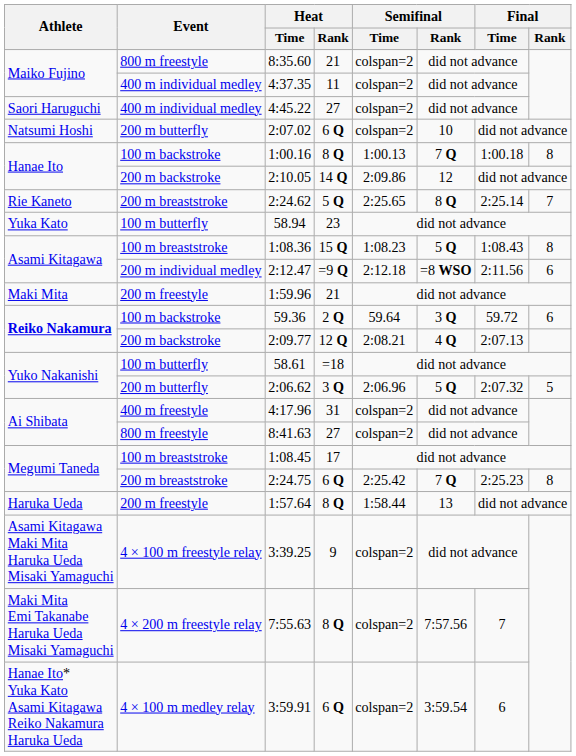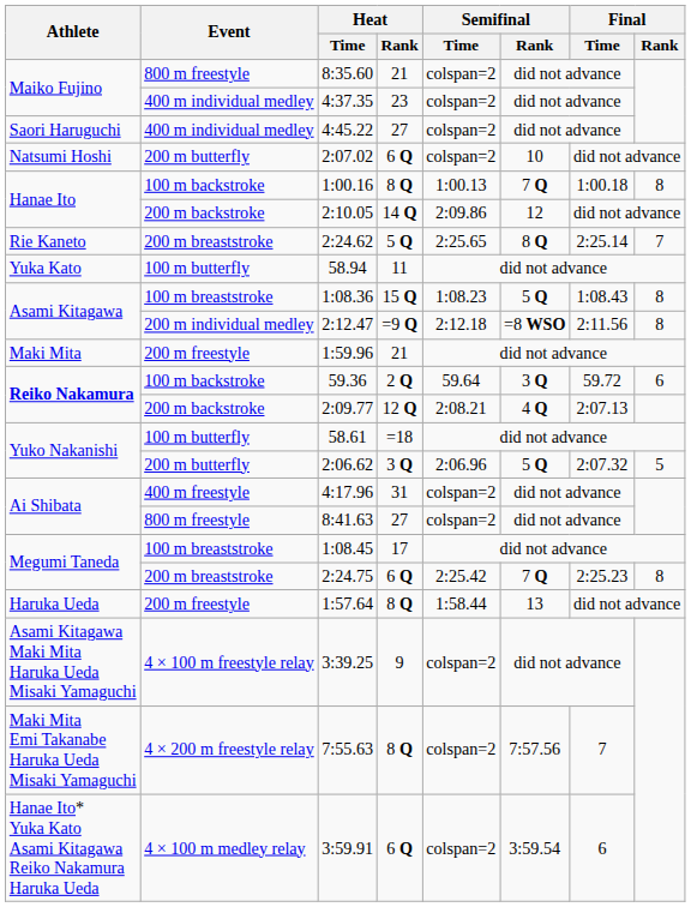 <table class=wikitable style="font-size:90%">
 <tr>
 <th rowspan="2">Athlete</th>
 <th rowspan="2">Event</th>
 <th colspan="2">Heat</th>
 <th colspan="2">Semifinal</th>
 <th colspan="2">Final</th>
 </tr>
 <tr style="font-size:95%">
 <th>Time</th>
 <th>Rank</th>
 <th>Time</th>
 <th>Rank</th>
 <th>Time</th>
 <th>Rank</th>
 </tr>
 <tr align=center>
 <td align=left rowspan=2><a href='#'>Maiko Fujino</a></td>
 <td align=left><a href='#'>800 m freestyle</a></td>
 <td>8:35.60</td>
 <td>21</td>
 <td>colspan=2 </td>
 <td colspan=2>did not advance</td>
 </tr>
 <tr align=center>
 <td align=left><a href='#'>400 m individual medley</a></td>
 <td>4:37.35</td>
-<td>11</td>
+<td>23</td>
 <td>colspan=2 </td>
 <td colspan=2>did not advance</td>
 </tr>
 <tr align=center>
 <td align=left><a href='#'>Saori Haruguchi</a></td>
 <td align=left><a href='#'>400 m individual medley</a></td>
 <td>4:45.22</td>
 <td>27</td>
 <td>colspan=2 </td>
 <td colspan=2>did not advance</td>
 </tr>
 <tr align=center>
 <td align=left><a href='#'>Natsumi Hoshi</a></td>
 <td align=left><a href='#'>200 m butterfly</a></td>
 <td>2:07.02</td>
 <td>6 <strong>Q</strong></td>
 <td>colspan=2 </td>
 <td>10</td>
 <td colspan=2>did not advance</td>
 </tr>
 <tr align=center>
 <td align=left rowspan=2><a href='#'>Hanae Ito</a></td>
 <td align=left><a href='#'>100 m backstroke</a></td>
 <td>1:00.16</td>
 <td>8 <strong>Q</strong></td>
 <td>1:00.13</td>
 <td>7 <strong>Q</strong></td>
 <td>1:00.18</td>
 <td>8</td>
 </tr>
 <tr align=center>
 <td align=left><a href='#'>200 m backstroke</a></td>
 <td>2:10.05</td>
 <td>14 <strong>Q</strong></td>
 <td>2:09.86</td>
 <td>12</td>
 <td colspan=2>did not advance</td>
 </tr>
 <tr align=center>
 <td align=left><a href='#'>Rie Kaneto</a></td>
 <td align=left><a href='#'>200 m breaststroke</a></td>
 <td>2:24.62</td>
 <td>5 <strong>Q</strong></td>
 <td>2:25.65</td>
 <td>8 <strong>Q</strong></td>
 <td>2:25.14</td>
 <td>7</td>
 </tr>
 <tr align=center>
 <td align=left><a href='#'>Yuka Kato</a></td>
 <td align=left><a href='#'>100 m butterfly</a></td>
 <td>58.94</td>
-<td>23</td>
+<td>11</td>
 <td colspan=4>did not advance</td>
 </tr>
 <tr align=center>
 <td align=left rowspan=2><a href='#'>Asami Kitagawa</a></td>
 <td align=left><a href='#'>100 m breaststroke</a></td>
 <td>1:08.36</td>
 <td>15 <strong>Q</strong></td>
 <td>1:08.23</td>
 <td>5 <strong>Q</strong></td>
 <td>1:08.43</td>
 <td>8</td>
 </tr>
 <tr align=center>
 <td align=left><a href='#'>200 m individual medley</a></td>
 <td>2:12.47</td>
 <td>=9 <strong>Q</strong></td>
 <td>2:12.18</td>
 <td>=8 <strong>WSO</strong></td>
 <td>2:11.56</td>
-<td>6</td>
+<td>8</td>
 </tr>
 <tr align=center>
 <td align=left><a href='#'>Maki Mita</a></td>
 <td align=left><a href='#'>200 m freestyle</a></td>
 <td>1:59.96</td>
 <td>21</td>
 <td colspan=4>did not advance</td>
 </tr>
 <tr align=center>
 <td align=left rowspan=2><strong><a href='#'>Reiko Nakamura</a></strong></td>
 <td align=left><a href='#'>100 m backstroke</a></td>
 <td>59.36</td>
 <td>2 <strong>Q</strong></td>
 <td>59.64</td>
 <td>3 <strong>Q</strong></td>
 <td>59.72</td>
 <td>6</td>
 </tr>
 <tr align=center>
 <td align=left><a href='#'>200 m backstroke</a></td>
 <td>2:09.77</td>
 <td>12 <strong>Q</strong></td>
 <td>2:08.21</td>
 <td>4 <strong>Q</strong></td>
 <td>2:07.13</td>
 <td></td>
 </tr>
 <tr align=center>
 <td align=left rowspan=2><a href='#'>Yuko Nakanishi</a></td>
 <td align=left><a href='#'>100 m butterfly</a></td>
 <td>58.61</td>
 <td>=18</td>
 <td colspan=4>did not advance</td>
 </tr>
 <tr align=center>
 <td align=left><a href='#'>200 m butterfly</a></td>
 <td>2:06.62</td>
 <td>3 <strong>Q</strong></td>
 <td>2:06.96</td>
 <td>5 <strong>Q</strong></td>
 <td>2:07.32</td>
 <td>5</td>
 </tr>
 <tr align=center>
 <td align=left rowspan=2><a href='#'>Ai Shibata</a></td>
 <td align=left><a href='#'>400 m freestyle</a></td>
 <td>4:17.96</td>
 <td>31</td>
 <td>colspan=2 </td>
 <td colspan=2>did not advance</td>
 </tr>
 <tr align=center>
 <td align=left><a href='#'>800 m freestyle</a></td>
 <td>8:41.63</td>
 <td>27</td>
 <td>colspan=2 </td>
 <td colspan=2>did not advance</td>
 </tr>
 <tr align=center>
 <td align=left rowspan=2><a href='#'>Megumi Taneda</a></td>
 <td align=left><a href='#'>100 m breaststroke</a></td>
 <td>1:08.45</td>
 <td>17</td>
 <td colspan=4>did not advance</td>
 </tr>
 <tr align=center>
 <td align=left><a href='#'>200 m breaststroke</a></td>
 <td>2:24.75</td>
 <td>6 <strong>Q</strong></td>
 <td>2:25.42</td>
 <td>7 <strong>Q</strong></td>
 <td>2:25.23</td>
 <td>8</td>
 </tr>
 <tr align=center>
 <td align=left><a href='#'>Haruka Ueda</a></td>
 <td align=left><a href='#'>200 m freestyle</a></td>
 <td>1:57.64</td>
 <td>8 <strong>Q</strong></td>
 <td>1:58.44</td>
 <td>13</td>
 <td colspan=2>did not advance</td>
 </tr>
 <tr align=center>
 <td align=left><a href='#'>Asami Kitagawa</a><br><a href='#'>Maki Mita</a><br><a href='#'>Haruka Ueda</a><br><a href='#'>Misaki Yamaguchi</a></td>
 <td align=left><a href='#'>4 × 100 m freestyle relay</a></td>
 <td>3:39.25</td>
 <td>9</td>
 <td>colspan=2 </td>
 <td colspan=2>did not advance</td>
 </tr>
 <tr align=center>
 <td align=left><a href='#'>Maki Mita</a><br><a href='#'>Emi Takanabe</a><br><a href='#'>Haruka Ueda</a><br><a href='#'>Misaki Yamaguchi</a></td>
 <td align=left><a href='#'>4 × 200 m freestyle relay</a></td>
 <td>7:55.63</td>
 <td>8 <strong>Q</strong></td>
 <td>colspan=2 </td>
 <td>7:57.56</td>
 <td>7</td>
 </tr>
 <tr align=center>
 <td align=left><a href='#'>Hanae Ito</a>*<br><a href='#'>Yuka Kato</a><br><a href='#'>Asami Kitagawa</a><br><a href='#'>Reiko Nakamura</a><br><a href='#'>Haruka Ueda</a></td>
 <td align=left><a href='#'>4 × 100 m medley relay</a></td>
 <td>3:59.91</td>
 <td>6 <strong>Q</strong></td>
 <td>colspan=2 </td>
 <td>3:59.54</td>
 <td>6</td>
 </tr>
 </table>
